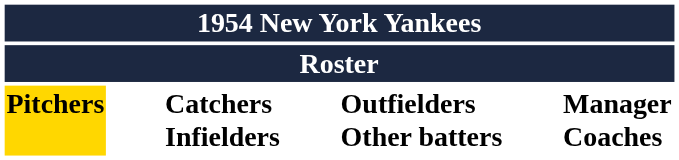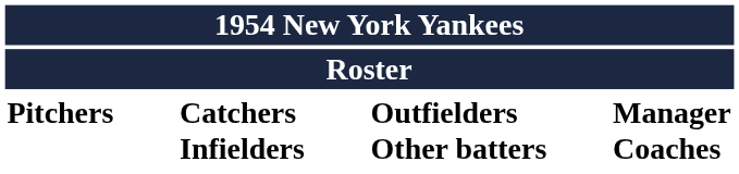 <table class="toccolours" style="font-size: 95%;">
 <tr>
 <th colspan="10" style="background-color: #1c2841; color: white; text-align: center;">1954 New York Yankees</th>
 </tr>
 <tr>
 <td colspan="10" style="background-color: #1c2841; color: white; text-align: center;"><strong>Roster</strong></td>
 </tr>
 <tr>
-<td valign="top" style="background: gold;"><strong>Pitchers</strong><br>                </td>
+<td valign="top"><strong>Pitchers</strong><br>                </td>
 <td width="25px"></td>
 <td valign="top"><strong>Catchers</strong><br>    <strong>Infielders</strong>           </td>
 <td width="25px"></td>
 <td valign="top"><strong>Outfielders</strong><br>      <strong>Other batters</strong> </td>
 <td width="25px"></td>
 <td valign="top"><strong>Manager</strong><br> <strong>Coaches</strong>    </td>
 </tr>
 </table>
